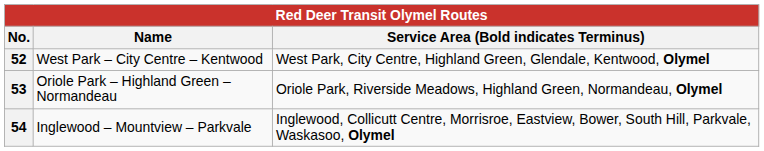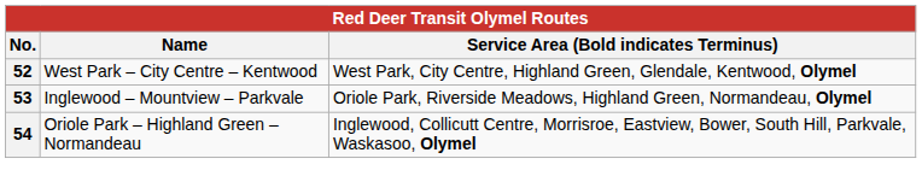 <table class="wikitable sortable mw-collapsible mw-collapsed">
 <tr>
 <th colspan="3" style="background: #ca322c; font-size:100%; color:#FFFFFF;">Red Deer Transit Olymel Routes</th>
 </tr>
 <tr>
 <th>No.</th>
 <th>Name</th>
 <th>Service Area (Bold indicates Terminus)</th>
 </tr>
 <tr>
 <th>52</th>
 <td>West Park – City Centre – Kentwood</td>
 <td>West Park, City Centre, Highland Green, Glendale, Kentwood, <strong>Olymel</strong></td>
 </tr>
 <tr>
 <th>53</th>
-<td>Oriole Park – Highland Green – Normandeau</td>
+<td>Inglewood – Mountview – Parkvale</td>
 <td>Oriole Park, Riverside Meadows, Highland Green, Normandeau, <strong>Olymel</strong></td>
 </tr>
 <tr>
 <th>54</th>
-<td>Inglewood – Mountview – Parkvale</td>
+<td>Oriole Park – Highland Green – Normandeau</td>
 <td>Inglewood, Collicutt Centre, Morrisroe, Eastview, Bower, South Hill, Parkvale, Waskasoo, <strong>Olymel</strong></td>
 </tr>
 </table>
